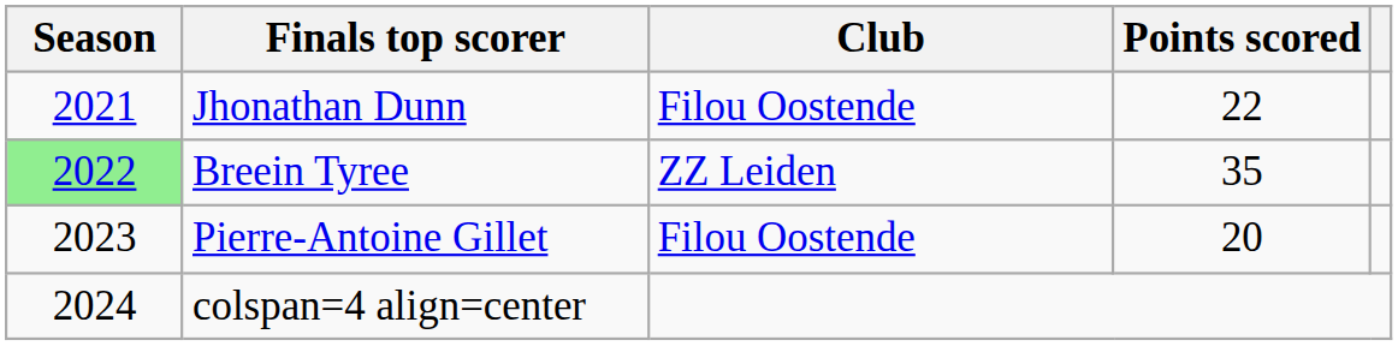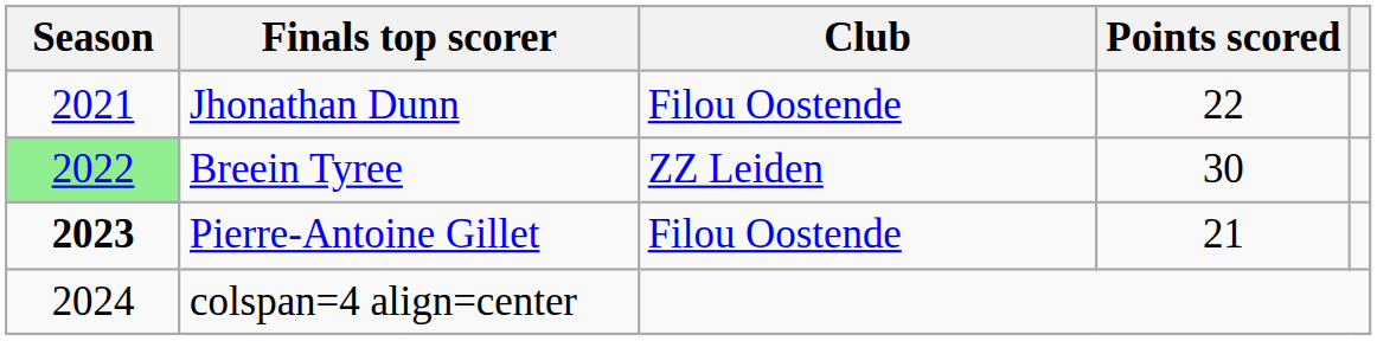 <table class="wikitable sortable">
 <tr>
 <th width=60>Season</th>
 <th width=170>Finals top scorer</th>
 <th width=170>Club</th>
 <th>Points scored</th>
 <th></th>
 </tr>
 <tr>
 <td align=center><a href='#'>2021</a></td>
 <td> <a href='#'>Jhonathan Dunn</a></td>
 <td><a href='#'>Filou Oostende</a></td>
 <td align=center>22</td>
 <td align=center></td>
 </tr>
 <tr>
 <td align=center style="background: lightgreen;"><a href='#'>2022</a></td>
 <td> <a href='#'>Breein Tyree</a></td>
 <td><a href='#'>ZZ Leiden</a></td>
-<td align=center>35</td>
+<td align=center>30</td>
 <td align=center></td>
 </tr>
 <tr>
-<td align="center">2023</td>
+<td align="center"><strong>2023</strong></td>
 <td> <a href='#'>Pierre-Antoine Gillet</a></td>
 <td><a href='#'>Filou Oostende</a></td>
-<td align="center">20</td>
+<td align="center">21</td>
 <td align="center"></td>
 </tr>
 <tr>
 <td align="center">2024</td>
 <td>colspan=4 align=center </td>
 </tr>
 </table>
